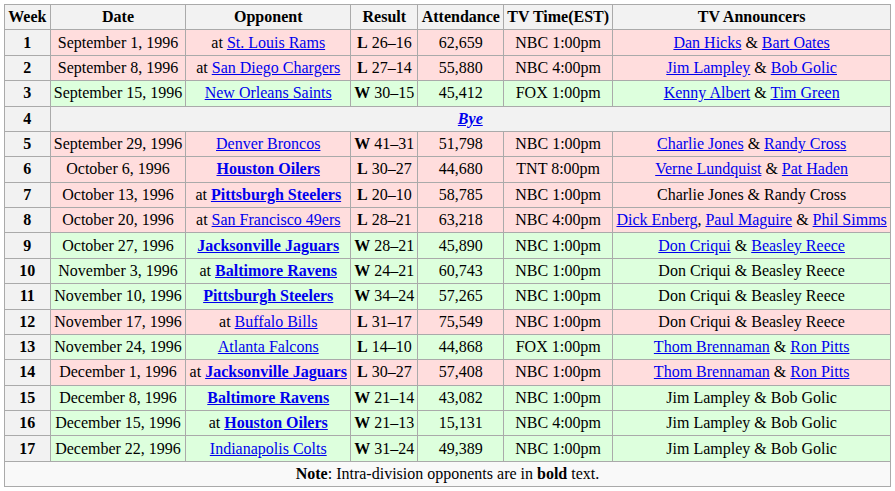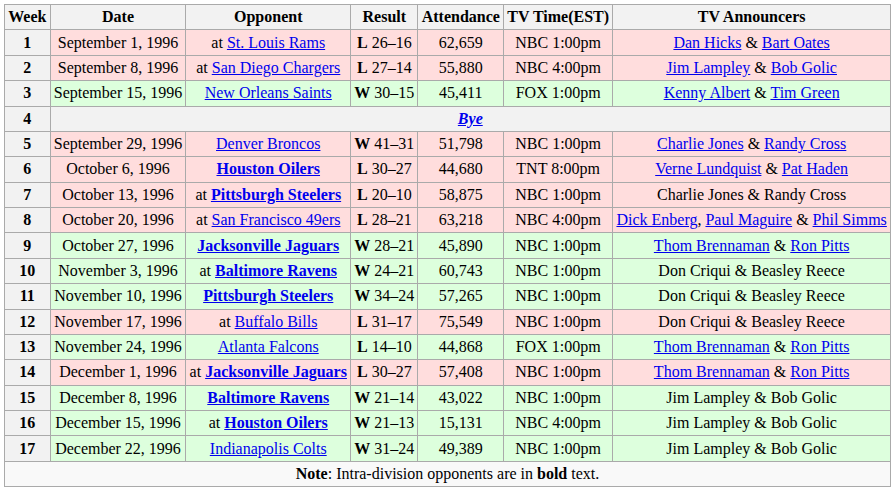 <table class="wikitable" style="text-align:center;">
 <tr>
 <th>Week</th>
 <th>Date</th>
 <th>Opponent</th>
 <th>Result</th>
 <th>Attendance</th>
 <th>TV Time(EST)</th>
 <th>TV Announcers</th>
 </tr>
 <tr style="background: #ffdddd;">
 <th>1</th>
 <td>September 1, 1996</td>
 <td>at <a href='#'>St. Louis Rams</a></td>
 <td><strong>L</strong> 26–16</td>
 <td>62,659</td>
 <td>NBC 1:00pm</td>
 <td><a href='#'>Dan Hicks</a> & <a href='#'>Bart Oates</a></td>
 </tr>
 <tr style="background: #ffdddd;">
 <th>2</th>
 <td>September 8, 1996</td>
 <td>at <a href='#'>San Diego Chargers</a></td>
 <td><strong>L</strong> 27–14</td>
 <td>55,880</td>
 <td>NBC 4:00pm</td>
 <td><a href='#'>Jim Lampley</a> & <a href='#'>Bob Golic</a></td>
 </tr>
 <tr style="background: #ddffdd;">
 <th>3</th>
 <td>September 15, 1996</td>
 <td><a href='#'>New Orleans Saints</a></td>
 <td><strong>W</strong> 30–15</td>
-<td>45,412</td>
+<td>45,411</td>
 <td>FOX 1:00pm</td>
 <td><a href='#'>Kenny Albert</a> & <a href='#'>Tim Green</a></td>
 </tr>
 <tr>
 <th>4</th>
 <th colspan="6"><em><a href='#'>Bye</a></em></th>
 </tr>
 <tr style="background: #ffdddd;">
 <th>5</th>
 <td>September 29, 1996</td>
 <td><a href='#'>Denver Broncos</a></td>
 <td><strong>W</strong> 41–31</td>
 <td>51,798</td>
 <td>NBC 1:00pm</td>
 <td><a href='#'>Charlie Jones</a> & <a href='#'>Randy Cross</a></td>
 </tr>
 <tr style="background: #ffdddd;">
 <th>6</th>
 <td>October 6, 1996</td>
 <td><strong><a href='#'>Houston Oilers</a></strong></td>
 <td><strong>L</strong> 30–27 </td>
 <td>44,680</td>
 <td>TNT 8:00pm</td>
 <td><a href='#'>Verne Lundquist</a> & <a href='#'>Pat Haden</a></td>
 </tr>
 <tr style="background: #ffdddd;">
 <th>7</th>
 <td>October 13, 1996</td>
 <td>at <strong><a href='#'>Pittsburgh Steelers</a></strong></td>
 <td><strong>L</strong> 20–10</td>
-<td>58,785</td>
+<td>58,875</td>
 <td>NBC 1:00pm</td>
 <td>Charlie Jones & Randy Cross</td>
 </tr>
 <tr style="background: #ffdddd;">
 <th>8</th>
 <td>October 20, 1996</td>
 <td>at <a href='#'>San Francisco 49ers</a></td>
 <td><strong>L</strong> 28–21</td>
 <td>63,218</td>
 <td>NBC 4:00pm</td>
 <td><a href='#'>Dick Enberg</a>, <a href='#'>Paul Maguire</a> & <a href='#'>Phil Simms</a></td>
 </tr>
 <tr style="background: #ddffdd;">
 <th>9</th>
 <td>October 27, 1996</td>
 <td><strong><a href='#'>Jacksonville Jaguars</a></strong></td>
 <td><strong>W</strong> 28–21</td>
 <td>45,890</td>
 <td>NBC 1:00pm</td>
-<td><a href='#'>Don Criqui</a> & <a href='#'>Beasley Reece</a></td>
+<td><a href='#'>Thom Brennaman</a> & <a href='#'>Ron Pitts</a></td>
 </tr>
 <tr style="background: #ddffdd;">
 <th>10</th>
 <td>November 3, 1996</td>
 <td>at <strong><a href='#'>Baltimore Ravens</a></strong></td>
 <td><strong>W</strong> 24–21</td>
 <td>60,743</td>
 <td>NBC 1:00pm</td>
 <td>Don Criqui & Beasley Reece</td>
 </tr>
 <tr style="background: #ddffdd;">
 <th>11</th>
 <td>November 10, 1996</td>
 <td><strong><a href='#'>Pittsburgh Steelers</a></strong></td>
 <td><strong>W</strong> 34–24</td>
 <td>57,265</td>
 <td>NBC 1:00pm</td>
 <td>Don Criqui & Beasley Reece</td>
 </tr>
 <tr style="background: #ffdddd;">
 <th>12</th>
 <td>November 17, 1996</td>
 <td>at <a href='#'>Buffalo Bills</a></td>
 <td><strong>L</strong> 31–17</td>
 <td>75,549</td>
 <td>NBC 1:00pm</td>
 <td>Don Criqui & Beasley Reece</td>
 </tr>
 <tr style="background: #ddffdd;">
 <th>13</th>
 <td>November 24, 1996</td>
 <td><a href='#'>Atlanta Falcons</a></td>
 <td><strong>L</strong> 14–10</td>
 <td>44,868</td>
 <td>FOX 1:00pm</td>
 <td><a href='#'>Thom Brennaman</a> & <a href='#'>Ron Pitts</a></td>
 </tr>
 <tr style="background: #ffdddd;">
 <th>14</th>
 <td>December 1, 1996</td>
 <td>at <strong><a href='#'>Jacksonville Jaguars</a></strong></td>
 <td><strong>L</strong> 30–27</td>
 <td>57,408</td>
 <td>NBC 1:00pm</td>
 <td><a href='#'>Thom Brennaman</a> & <a href='#'>Ron Pitts</a></td>
 </tr>
 <tr style="background: #ddffdd;">
 <th>15</th>
 <td>December 8, 1996</td>
 <td><strong><a href='#'>Baltimore Ravens</a></strong></td>
 <td><strong>W</strong> 21–14</td>
-<td>43,082</td>
+<td>43,022</td>
 <td>NBC 1:00pm</td>
 <td>Jim Lampley & Bob Golic</td>
 </tr>
 <tr style="background: #ddffdd;">
 <th>16</th>
 <td>December 15, 1996</td>
 <td>at <strong><a href='#'>Houston Oilers</a></strong></td>
 <td><strong>W</strong> 21–13</td>
 <td>15,131</td>
 <td>NBC 4:00pm</td>
 <td>Jim Lampley & Bob Golic</td>
 </tr>
 <tr style="background: #ddffdd;">
 <th>17</th>
 <td>December 22, 1996</td>
 <td><a href='#'>Indianapolis Colts</a></td>
 <td><strong>W</strong> 31–24</td>
 <td>49,389</td>
 <td>NBC 1:00pm</td>
 <td>Jim Lampley & Bob Golic</td>
 </tr>
 <tr>
 <td colspan="7"><strong>Note</strong>: Intra-division opponents are in <strong>bold</strong> text.</td>
 </tr>
 </table>
